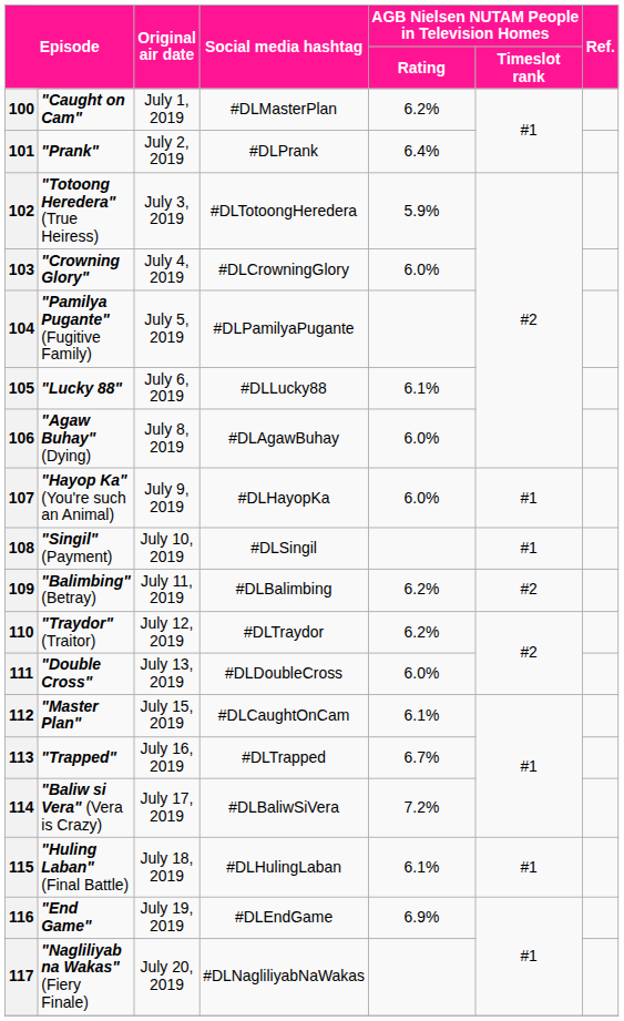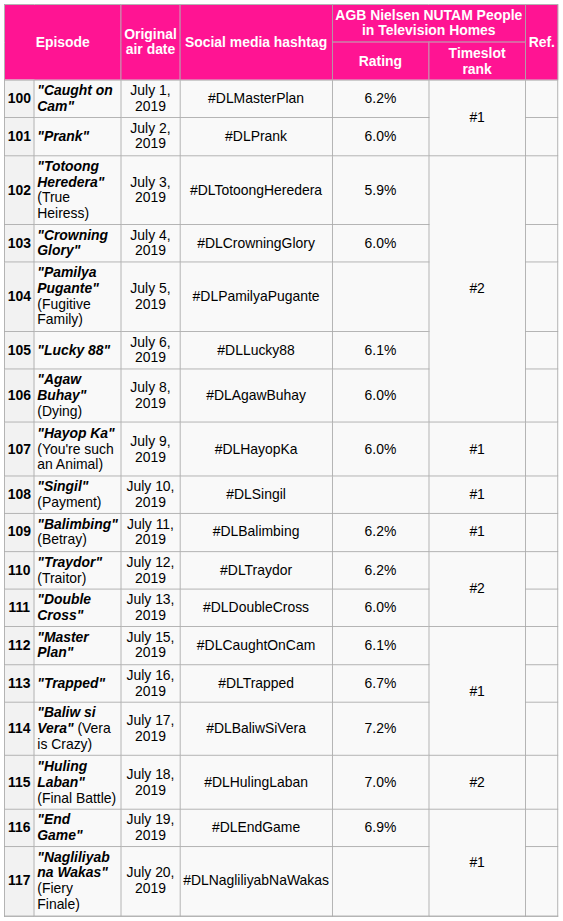 <table class="wikitable" style="text-align:center; font-size:100%; line-height:18px;" width="100%">
 <tr>
 <th style="background-color:#FF1493; color:#ffffff;" colspan="2" rowspan="2">Episode</th>
 <th style="background-color:#FF1493; color:white" rowspan="2">Original air date</th>
 <th style="background-color:#FF1493; color:white" rowspan="2">Social media hashtag</th>
 <th style="background-color:#FF1493; color:#ffffff;" colspan="2">AGB Nielsen NUTAM People in Television Homes</th>
 <th style="background-color:#FF1493;  color:#ffffff;" rowspan="2">Ref.</th>
 </tr>
 <tr>
 <th style="background-color:#FF1493; width:75px; color:#ffffff;">Rating</th>
 <th style="background-color:#FF1493;  width:75px; color:#ffffff;">Timeslot<br>rank</th>
 </tr>
 <tr>
 <th>100</th>
 <td style="text-align: left;"><strong><em>"Caught on Cam"</em></strong></td>
 <td>July 1, 2019</td>
 <td>#DLMasterPlan</td>
 <td>6.2%</td>
 <td rowspan="2">#1</td>
 <td></td>
 </tr>
 <tr>
 <th>101</th>
 <td style="text-align: left;"><strong><em>"Prank"</em></strong></td>
 <td>July 2, 2019</td>
 <td>#DLPrank</td>
-<td>6.4%</td>
+<td>6.0%</td>
 <td></td>
 </tr>
 <tr>
 <th>102</th>
 <td style="text-align: left;"><strong><em>"Totoong Heredera"</em></strong> (True Heiress)</td>
 <td>July 3, 2019</td>
 <td>#DLTotoongHeredera</td>
 <td>5.9%</td>
 <td rowspan="5">#2</td>
 <td></td>
 </tr>
 <tr>
 <th>103</th>
 <td style="text-align: left;"><strong><em>"Crowning Glory"</em></strong></td>
 <td>July 4, 2019</td>
 <td>#DLCrowningGlory</td>
 <td>6.0%</td>
 <td></td>
 </tr>
 <tr>
 <th>104</th>
 <td style="text-align: left;"><strong><em>"Pamilya Pugante"</em></strong> (Fugitive Family)</td>
 <td>July 5, 2019</td>
 <td>#DLPamilyaPugante</td>
 <td></td>
 <td></td>
 </tr>
 <tr>
 <th>105</th>
 <td style="text-align: left;"><strong><em>"Lucky 88"</em></strong></td>
 <td>July 6, 2019</td>
 <td>#DLLucky88</td>
 <td>6.1%</td>
 <td></td>
 </tr>
 <tr>
 <th>106</th>
 <td style="text-align: left;"><strong><em>"Agaw Buhay"</em></strong> (Dying)</td>
 <td>July 8, 2019</td>
 <td>#DLAgawBuhay</td>
 <td>6.0%</td>
 <td></td>
 </tr>
 <tr>
 <th>107</th>
 <td style="text-align: left;"><strong><em>"Hayop Ka"</em></strong> (You're such an Animal)</td>
 <td>July 9, 2019</td>
 <td>#DLHayopKa</td>
 <td>6.0%</td>
 <td>#1</td>
 <td></td>
 </tr>
 <tr>
 <th>108</th>
 <td style="text-align: left;"><strong><em>"Singil"</em></strong> (Payment)</td>
 <td>July 10, 2019</td>
 <td>#DLSingil</td>
 <td></td>
 <td>#1</td>
 <td></td>
 </tr>
 <tr>
 <th>109</th>
 <td style="text-align: left;"><strong><em>"Balimbing"</em></strong> (Betray)</td>
 <td>July 11, 2019</td>
 <td>#DLBalimbing</td>
 <td>6.2%</td>
-<td>#2</td>
+<td>#1</td>
 <td></td>
 </tr>
 <tr>
 <th>110</th>
 <td style="text-align: left;"><strong><em>"Traydor"</em></strong> (Traitor)</td>
 <td>July 12, 2019</td>
 <td>#DLTraydor</td>
 <td>6.2%</td>
 <td rowspan="2">#2</td>
 <td></td>
 </tr>
 <tr>
 <th>111</th>
 <td style="text-align: left;"><strong><em>"Double Cross"</em></strong></td>
 <td>July 13, 2019</td>
 <td>#DLDoubleCross</td>
 <td>6.0%</td>
 <td></td>
 </tr>
 <tr>
 <th>112</th>
 <td style="text-align: left;"><strong><em>"Master Plan"</em></strong></td>
 <td>July 15, 2019</td>
 <td>#DLCaughtOnCam</td>
 <td>6.1%</td>
 <td rowspan="3">#1</td>
 <td></td>
 </tr>
 <tr>
 <th>113</th>
 <td style="text-align: left;"><strong><em>"Trapped"</em></strong></td>
 <td>July 16, 2019</td>
 <td>#DLTrapped</td>
 <td>6.7%</td>
 <td></td>
 </tr>
 <tr>
 <th>114</th>
 <td style="text-align: left;"><strong><em>"Baliw si Vera"</em></strong> (Vera is Crazy)</td>
 <td>July 17, 2019</td>
 <td>#DLBaliwSiVera</td>
 <td>7.2%</td>
 <td></td>
 </tr>
 <tr>
 <th>115</th>
 <td style="text-align: left;"><strong><em>"Huling Laban"</em></strong> (Final Battle)</td>
 <td>July 18, 2019</td>
 <td>#DLHulingLaban</td>
-<td>6.1%</td>
-<td>#1</td>
+<td>7.0%</td>
+<td>#2</td>
 <td></td>
 </tr>
 <tr>
 <th>116</th>
 <td style="text-align: left;"><strong><em>"End Game"</em></strong></td>
 <td>July 19, 2019</td>
 <td>#DLEndGame</td>
 <td>6.9%</td>
 <td rowspan="2">#1</td>
 <td></td>
 </tr>
 <tr>
 <th>117</th>
 <td style="text-align: left;"><strong><em>"Nagliliyab na Wakas"</em></strong> (Fiery Finale)</td>
 <td>July 20, 2019</td>
 <td>#DLNagliliyabNaWakas</td>
 <td></td>
 <td></td>
 </tr>
 <tr>
 </tr>
 </table>
